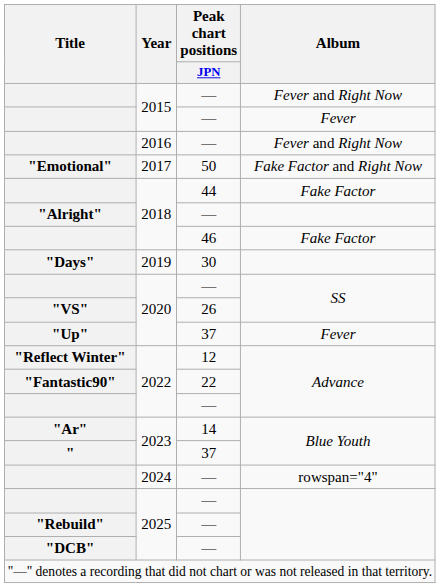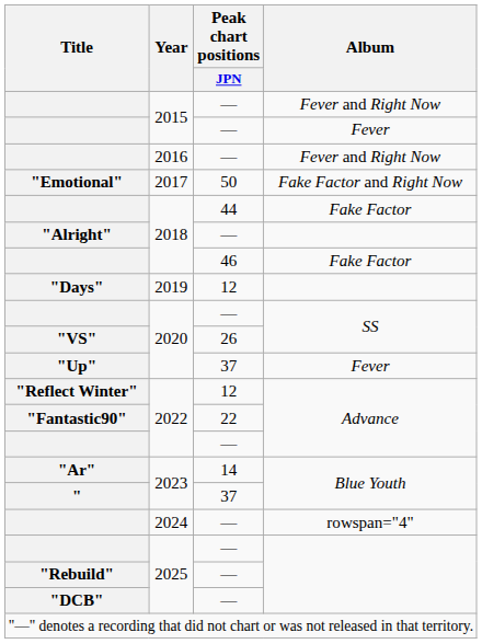 <table class="wikitable plainrowheaders" style="text-align:center;">
 <tr>
 <th scope="col" rowspan="2">Title</th>
 <th scope="col" rowspan="2">Year</th>
 <th scope="col" colspan="1">Peak chart positions</th>
 <th scope="col" rowspan="2">Album</th>
 </tr>
 <tr>
 <th scope="col" style="width:2.75em;font-size:85%;"><a href='#'>JPN</a><br></th>
 </tr>
 <tr>
 <th scope="row"></th>
 <td rowspan="2">2015</td>
 <td>—</td>
 <td><em>Fever</em> and <em>Right Now</em></td>
 </tr>
 <tr>
 <th scope="row"></th>
 <td>—</td>
 <td><em>Fever</em></td>
 </tr>
 <tr>
 <th scope="row"></th>
 <td>2016</td>
 <td>—</td>
 <td><em>Fever</em> and <em>Right Now</em></td>
 </tr>
 <tr>
 <th scope="row">"Emotional"</th>
 <td>2017</td>
 <td>50</td>
 <td><em>Fake Factor</em> and <em>Right Now</em></td>
 </tr>
 <tr>
 <th scope="row"></th>
 <td rowspan="3">2018</td>
 <td>44</td>
 <td><em>Fake Factor</em></td>
 </tr>
 <tr>
 <th scope="row">"Alright"</th>
 <td>—</td>
 <td></td>
 </tr>
 <tr>
 <th scope="row"></th>
 <td>46</td>
 <td><em>Fake Factor</em></td>
 </tr>
 <tr>
 <th scope="row">"Days"</th>
 <td>2019</td>
-<td>30</td>
+<td>12</td>
 <td></td>
 </tr>
 <tr>
 <th scope="row"></th>
 <td rowspan="3">2020</td>
 <td>—</td>
 <td rowspan="2"><em>SS</em></td>
 </tr>
 <tr>
 <th scope="row">"VS"</th>
 <td>26</td>
 </tr>
 <tr>
 <th scope="row">"Up"</th>
 <td>37</td>
 <td><em>Fever</em></td>
 </tr>
 <tr>
 <th scope="row">"Reflect Winter"</th>
 <td rowspan="3">2022</td>
 <td>12</td>
 <td rowspan="3"><em>Advance</em></td>
 </tr>
 <tr>
 <th scope="row">"Fantastic90"</th>
 <td>22</td>
 </tr>
 <tr>
 <th scope="row"></th>
 <td>—</td>
 </tr>
 <tr>
 <th scope="row">"Ar"</th>
 <td rowspan="2">2023</td>
 <td>14</td>
 <td rowspan="2"><em>Blue Youth</em></td>
 </tr>
 <tr>
 <th scope="row">"</th>
 <td>37</td>
 </tr>
 <tr>
 <th scope="row"></th>
 <td>2024</td>
 <td>—</td>
 <td>rowspan="4" </td>
 </tr>
 <tr>
 <th scope="row"></th>
 <td rowspan="3">2025</td>
 <td>—</td>
 </tr>
 <tr>
 <th scope="row">"Rebuild"</th>
 <td>—</td>
 </tr>
 <tr>
 <th scope="row">"DCB"</th>
 <td>—</td>
 </tr>
 <tr>
 <td align="center" colspan="6" style="font-size:90%">"—" denotes a recording that did not chart or was not released in that territory.</td>
 </tr>
 </table>
